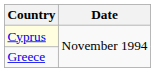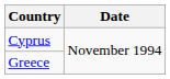 <table class="wikitable">
 <tr>
 <th>Country</th>
 <th>Date</th>
 </tr>
 <tr>
-<td style="background: lightyellow;"><a href='#'>Cyprus</a></td>
+<td><a href='#'>Cyprus</a></td>
 <td rowspan="2">November 1994</td>
 </tr>
 <tr>
 <td><a href='#'>Greece</a></td>
 </tr>
 </table>
